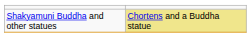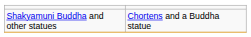 <table class="wikitable" align="left" width="30%" style="font-size:85%; border:1px solid orange;">
 <tr>
 <td width="40%" align="center" valign="left"></td>
 <td width="40%" align="center" valign="left"></td>
 </tr>
 <tr>
 <td valign="top"><a href='#'>Shakyamuni Buddha</a> and other statues</td>
-<td valign="top" style="background: khaki;"><a href='#'>Chortens</a> and a Buddha statue</td>
+<td valign="top"><a href='#'>Chortens</a> and a Buddha statue</td>
 </tr>
 <tr>
 </tr>
 </table>
